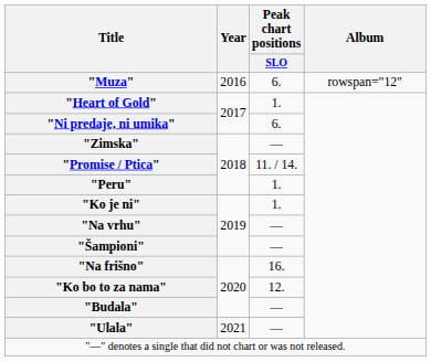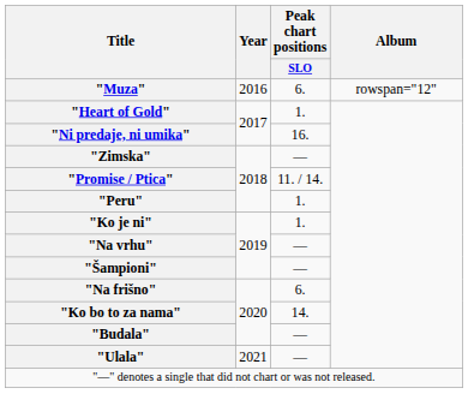 <table class="wikitable plainrowheaders" style="text-align:center;">
 <tr>
 <th scope="col" rowspan="2" style="width:16em;">Title</th>
 <th scope="col" rowspan="2" style="width:1em;">Year</th>
 <th scope="col" colspan="1">Peak chart positions</th>
 <th scope="col" rowspan="2" style="width:9em;">Album</th>
 </tr>
 <tr>
 <th scope="col" style="width:3em; font-size:85%;"><a href='#'>SLO</a><br></th>
 </tr>
 <tr>
 <th scope="row">"<a href='#'>Muza</a>"</th>
 <td>2016</td>
 <td>6.</td>
 <td>rowspan="12" </td>
 </tr>
 <tr>
 <th scope="row">"<a href='#'>Heart of Gold</a>"</th>
 <td rowspan=2>2017</td>
 <td>1.</td>
 </tr>
 <tr>
 <th scope="row">"<a href='#'>Ni predaje, ni umika</a>"<br></th>
-<td>6.</td>
+<td>16.</td>
 </tr>
 <tr>
 <th scope="row">"Zimska"</th>
 <td rowspan=3>2018</td>
 <td>—</td>
 </tr>
 <tr>
 <th scope="row">"<a href='#'>Promise / Ptica</a>"</th>
 <td>11. / 14.</td>
 </tr>
 <tr>
 <th scope="row">"Peru"</th>
 <td>1.</td>
 </tr>
 <tr>
 <th scope="row">"Ko je ni"</th>
 <td rowspan=3>2019</td>
 <td>1.</td>
 </tr>
 <tr>
 <th scope="row">"Na vrhu"</th>
 <td>—</td>
 </tr>
 <tr>
 <th scope="row">"Šampioni"</th>
 <td>—</td>
 </tr>
 <tr>
 <th scope="row">"Na frišno"</th>
 <td rowspan=3>2020</td>
-<td>16.</td>
+<td>6.</td>
 </tr>
 <tr>
 <th scope="row">"Ko bo to za nama"</th>
-<td>12.</td>
+<td>14.</td>
 </tr>
 <tr>
 <th scope="row">"Budala"</th>
 <td>—</td>
 </tr>
 <tr>
 <th scope="row">"Ulala"</th>
 <td rowspan=1>2021</td>
 <td>—</td>
 </tr>
 <tr>
 <td style="text-align:center; font-size:85%;" colspan="12">"—" denotes a single that did not chart or was not released.</td>
 </tr>
 </table>
